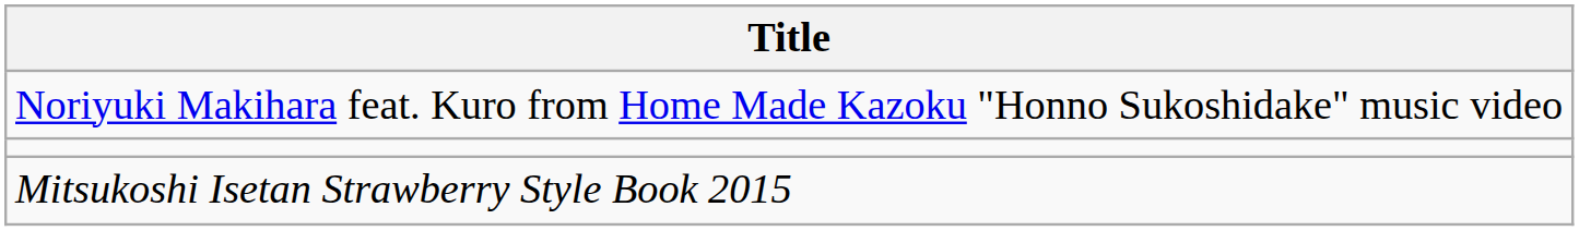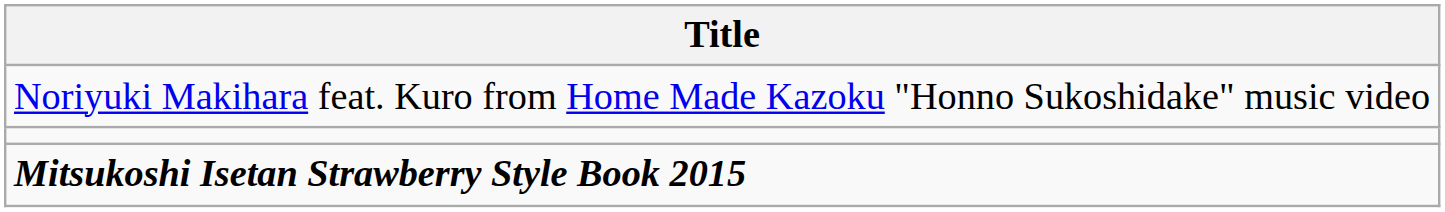 <table class="wikitable">
 <tr>
 <th>Title</th>
 </tr>
 <tr>
 <td><a href='#'>Noriyuki Makihara</a> feat. Kuro from <a href='#'>Home Made Kazoku</a> "Honno Sukoshidake" music video</td>
 </tr>
 <tr>
 <td></td>
 </tr>
 <tr>
-<td><em>Mitsukoshi Isetan Strawberry Style Book 2015</em></td>
+<td><strong><em>Mitsukoshi Isetan Strawberry Style Book 2015</em></strong></td>
 </tr>
 </table>
